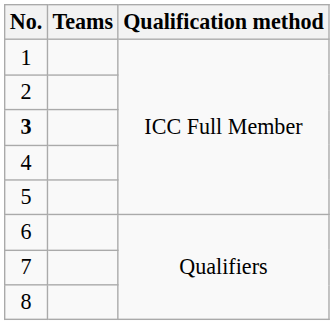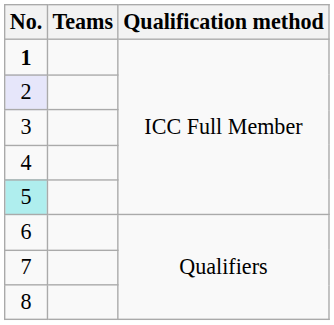 <table class="wikitable" style="text-align:center">
 <tr>
 <th>No.</th>
 <th>Teams</th>
 <th>Qualification method</th>
 </tr>
 <tr>
-<td>1</td>
+<td><strong>1</strong></td>
 <td></td>
 <td rowspan=5>ICC Full Member</td>
 </tr>
 <tr>
-<td>2</td>
+<td style="background: lavender;">2</td>
 <td></td>
 </tr>
 <tr>
-<td><strong>3</strong></td>
+<td>3</td>
 <td></td>
 </tr>
 <tr>
 <td>4</td>
 <td></td>
 </tr>
 <tr>
-<td>5</td>
+<td style="background: paleturquoise;">5</td>
 <td></td>
 </tr>
 <tr>
 <td>6</td>
 <td></td>
 <td rowspan=3>Qualifiers</td>
 </tr>
 <tr>
 <td>7</td>
 <td></td>
 </tr>
 <tr>
 <td>8</td>
 <td></td>
 </tr>
 </table>
